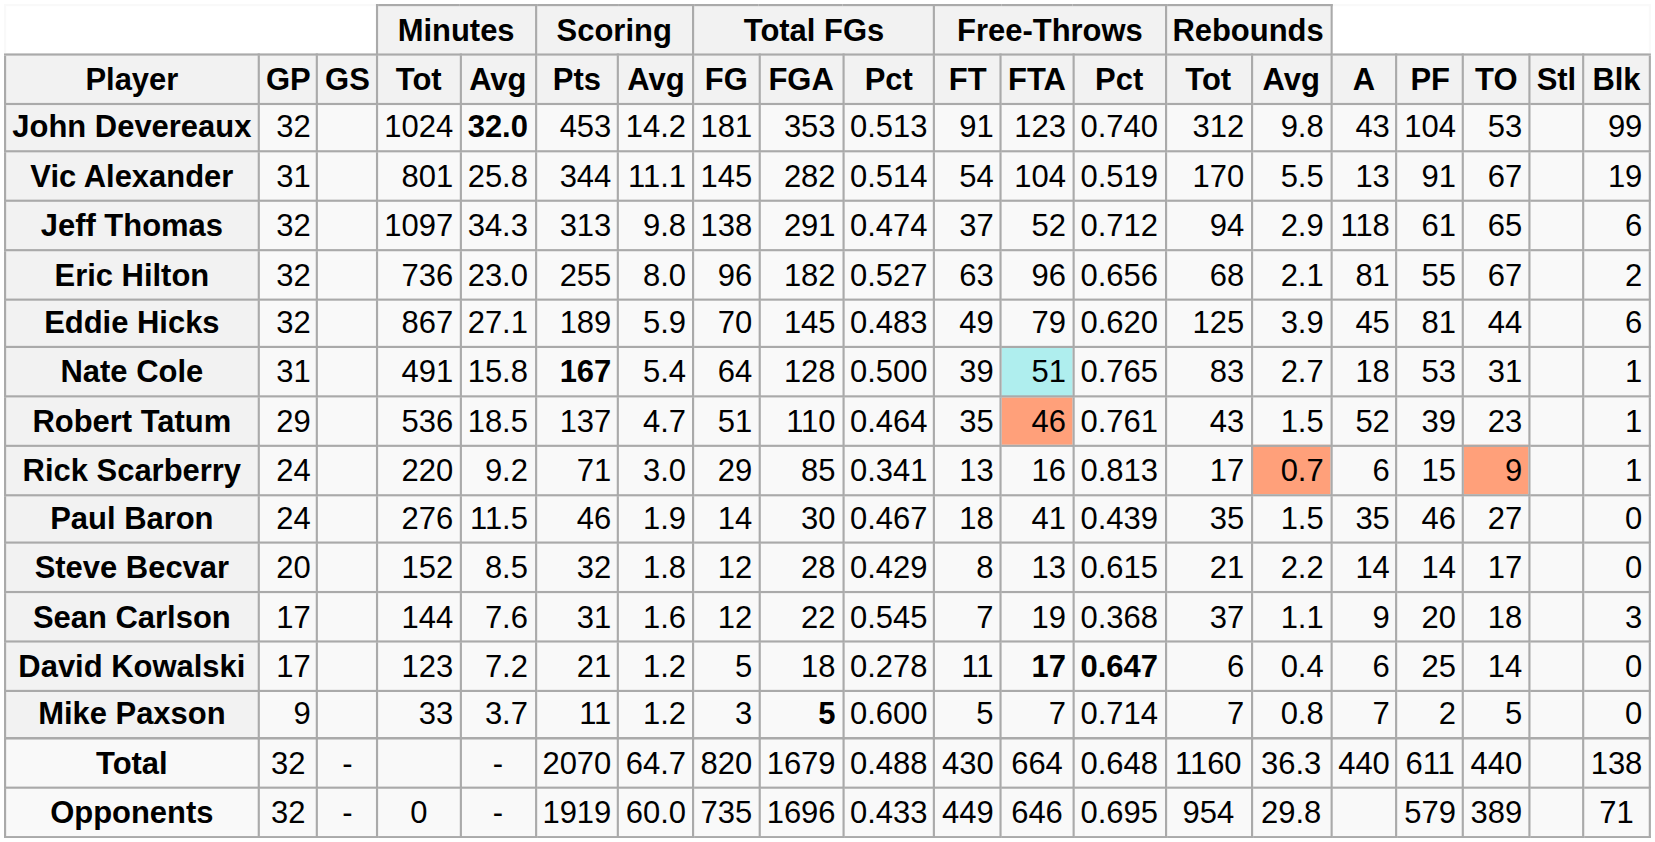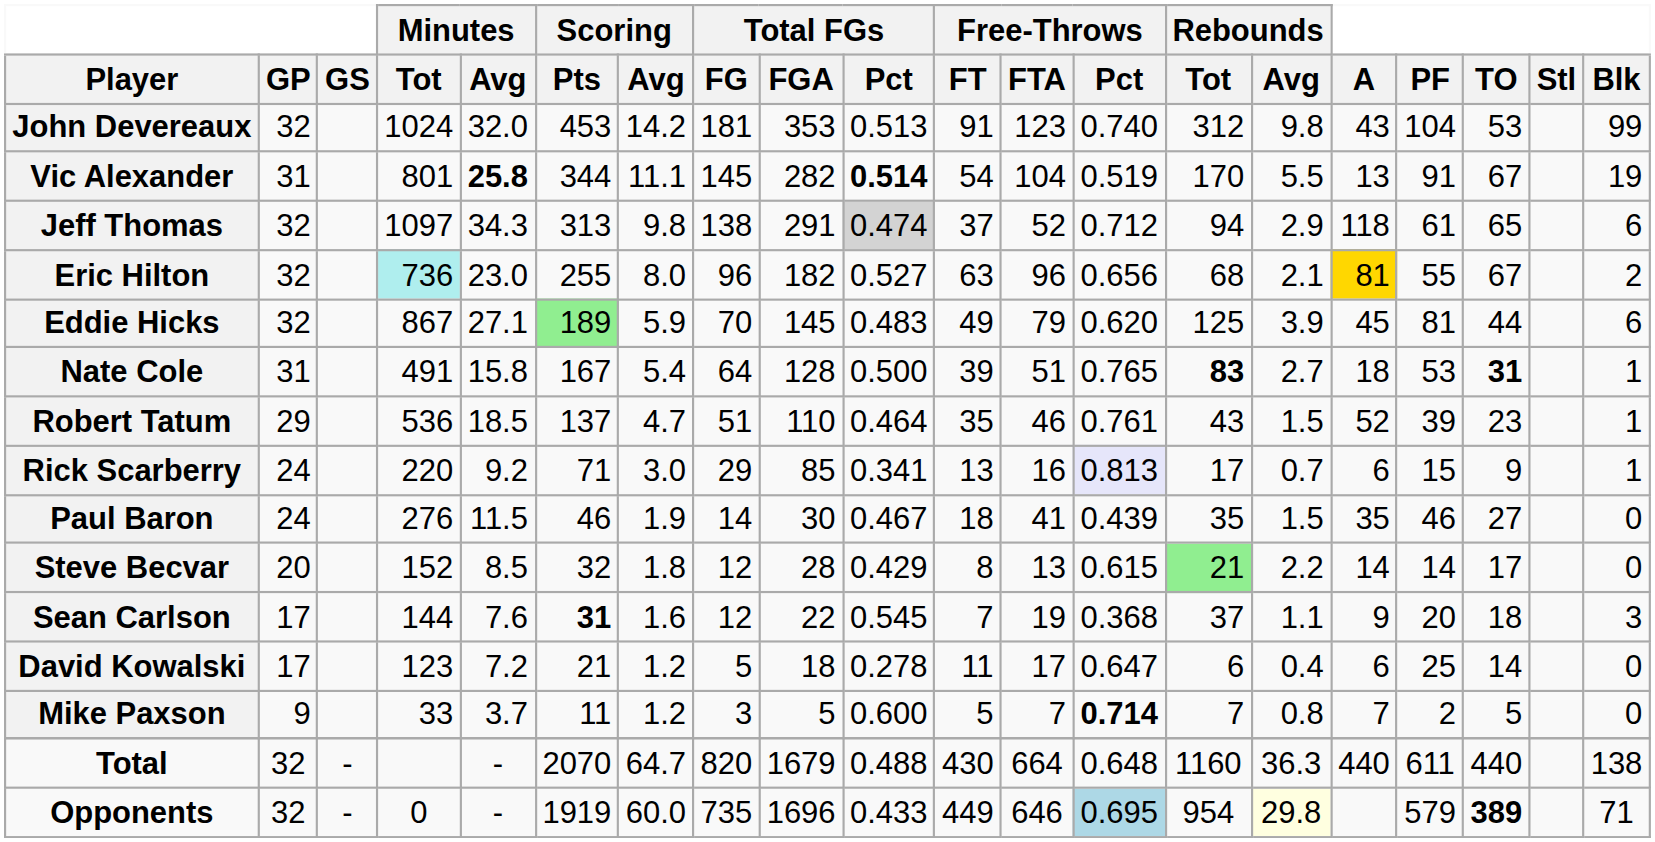 <table class="wikitable sortable" border="1" style="font-size:90%;">
 <tr>
 <th colspan="3" style="border-top-style:hidden; border-left-style:hidden; background: white;"></th>
 <th colspan="2" style=>Minutes</th>
 <th colspan="2" style=>Scoring</th>
 <th colspan="3" style=>Total FGs</th>
 <th colspan="3" style=>Free-Throws</th>
 <th colspan="2" style=>Rebounds</th>
 <th colspan="5" style="border-top-style:hidden; border-right-style:hidden; background: white;"></th>
 </tr>
 <tr>
 <th scope="col" style=>Player</th>
 <th scope="col" style=>GP</th>
 <th scope="col" style=>GS</th>
 <th scope="col" style=>Tot</th>
 <th scope="col" style=>Avg</th>
 <th scope="col" style=>Pts</th>
 <th scope="col" style=>Avg</th>
 <th scope="col" style=>FG</th>
 <th scope="col" style=>FGA</th>
 <th scope="col" style=>Pct</th>
 <th scope="col" style=>FT</th>
 <th scope="col" style=>FTA</th>
 <th scope="col" style=>Pct</th>
 <th scope="col" style=>Tot</th>
 <th scope="col" style=>Avg</th>
 <th scope="col" style=>A</th>
 <th scope="col" style=>PF</th>
 <th scope="col" style=>TO</th>
 <th scope="col" style=>Stl</th>
 <th scope="col" style=>Blk</th>
 </tr>
 <tr>
 <th>John Devereaux</th>
 <td align="right">32</td>
 <td align="right"></td>
 <td align="right">1024</td>
-<td align="right"><strong>32.0</strong></td>
+<td align="right">32.0</td>
 <td align="right">453</td>
 <td align="right">14.2</td>
 <td align="right">181</td>
 <td align="right">353</td>
 <td align="right">0.513</td>
 <td align="right">91</td>
 <td align="right">123</td>
 <td align="right">0.740</td>
 <td align="right">312</td>
 <td align="right">9.8</td>
 <td align="right">43</td>
 <td align="right">104</td>
 <td align="right">53</td>
 <td align="right"></td>
 <td align="right">99</td>
 </tr>
 <tr>
 <th>Vic Alexander</th>
 <td align="right">31</td>
 <td align="right"></td>
 <td align="right">801</td>
-<td align="right">25.8</td>
+<td align="right"><strong>25.8</strong></td>
 <td align="right">344</td>
 <td align="right">11.1</td>
 <td align="right">145</td>
 <td align="right">282</td>
-<td align="right">0.514</td>
+<td align="right"><strong>0.514</strong></td>
 <td align="right">54</td>
 <td align="right">104</td>
 <td align="right">0.519</td>
 <td align="right">170</td>
 <td align="right">5.5</td>
 <td align="right">13</td>
 <td align="right">91</td>
 <td align="right">67</td>
 <td align="right"></td>
 <td align="right">19</td>
 </tr>
 <tr>
 <th>Jeff Thomas</th>
 <td align="right">32</td>
 <td align="right"></td>
 <td align="right">1097</td>
 <td align="right">34.3</td>
 <td align="right">313</td>
 <td align="right">9.8</td>
 <td align="right">138</td>
 <td align="right">291</td>
-<td align="right">0.474</td>
+<td align="right" style="background: lightgrey;">0.474</td>
 <td align="right">37</td>
 <td align="right">52</td>
 <td align="right">0.712</td>
 <td align="right">94</td>
 <td align="right">2.9</td>
 <td align="right">118</td>
 <td align="right">61</td>
 <td align="right">65</td>
 <td align="right"></td>
 <td align="right">6</td>
 </tr>
 <tr>
 <th>Eric Hilton</th>
 <td align="right">32</td>
 <td align="right"></td>
-<td align="right">736</td>
+<td align="right" style="background: paleturquoise;">736</td>
 <td align="right">23.0</td>
 <td align="right">255</td>
 <td align="right">8.0</td>
 <td align="right">96</td>
 <td align="right">182</td>
 <td align="right">0.527</td>
 <td align="right">63</td>
 <td align="right">96</td>
 <td align="right">0.656</td>
 <td align="right">68</td>
 <td align="right">2.1</td>
-<td align="right">81</td>
+<td align="right" style="background: gold;">81</td>
 <td align="right">55</td>
 <td align="right">67</td>
 <td align="right"></td>
 <td align="right">2</td>
 </tr>
 <tr>
 <th>Eddie Hicks</th>
 <td align="right">32</td>
 <td align="right"></td>
 <td align="right">867</td>
 <td align="right">27.1</td>
-<td align="right">189</td>
+<td align="right" style="background: lightgreen;">189</td>
 <td align="right">5.9</td>
 <td align="right">70</td>
 <td align="right">145</td>
 <td align="right">0.483</td>
 <td align="right">49</td>
 <td align="right">79</td>
 <td align="right">0.620</td>
 <td align="right">125</td>
 <td align="right">3.9</td>
 <td align="right">45</td>
 <td align="right">81</td>
 <td align="right">44</td>
 <td align="right"></td>
 <td align="right">6</td>
 </tr>
 <tr>
 <th>Nate Cole</th>
 <td align="right">31</td>
 <td align="right"></td>
 <td align="right">491</td>
 <td align="right">15.8</td>
-<td align="right"><strong>167</strong></td>
+<td align="right">167</td>
 <td align="right">5.4</td>
 <td align="right">64</td>
 <td align="right">128</td>
 <td align="right">0.500</td>
 <td align="right">39</td>
-<td align="right" style="background: paleturquoise;">51</td>
+<td align="right">51</td>
 <td align="right">0.765</td>
-<td align="right">83</td>
+<td align="right"><strong>83</strong></td>
 <td align="right">2.7</td>
 <td align="right">18</td>
 <td align="right">53</td>
-<td align="right">31</td>
+<td align="right"><strong>31</strong></td>
 <td align="right"></td>
 <td align="right">1</td>
 </tr>
 <tr>
 <th>Robert Tatum</th>
 <td align="right">29</td>
 <td align="right"></td>
 <td align="right">536</td>
 <td align="right">18.5</td>
 <td align="right">137</td>
 <td align="right">4.7</td>
 <td align="right">51</td>
 <td align="right">110</td>
 <td align="right">0.464</td>
 <td align="right">35</td>
-<td align="right" style="background: lightsalmon;">46</td>
+<td align="right">46</td>
 <td align="right">0.761</td>
 <td align="right">43</td>
 <td align="right">1.5</td>
 <td align="right">52</td>
 <td align="right">39</td>
 <td align="right">23</td>
 <td align="right"></td>
 <td align="right">1</td>
 </tr>
 <tr>
 <th>Rick Scarberry</th>
 <td align="right">24</td>
 <td align="right"></td>
 <td align="right">220</td>
 <td align="right">9.2</td>
 <td align="right">71</td>
 <td align="right">3.0</td>
 <td align="right">29</td>
 <td align="right">85</td>
 <td align="right">0.341</td>
 <td align="right">13</td>
 <td align="right">16</td>
-<td align="right">0.813</td>
+<td align="right" style="background: lavender;">0.813</td>
 <td align="right">17</td>
-<td align="right" style="background: lightsalmon;">0.7</td>
+<td align="right">0.7</td>
 <td align="right">6</td>
 <td align="right">15</td>
-<td align="right" style="background: lightsalmon;">9</td>
+<td align="right">9</td>
 <td align="right"></td>
 <td align="right">1</td>
 </tr>
 <tr>
 <th>Paul Baron</th>
 <td align="right">24</td>
 <td align="right"></td>
 <td align="right">276</td>
 <td align="right">11.5</td>
 <td align="right">46</td>
 <td align="right">1.9</td>
 <td align="right">14</td>
 <td align="right">30</td>
 <td align="right">0.467</td>
 <td align="right">18</td>
 <td align="right">41</td>
 <td align="right">0.439</td>
 <td align="right">35</td>
 <td align="right">1.5</td>
 <td align="right">35</td>
 <td align="right">46</td>
 <td align="right">27</td>
 <td align="right"></td>
 <td align="right">0</td>
 </tr>
 <tr>
 <th>Steve Becvar</th>
 <td align="right">20</td>
 <td align="right"></td>
 <td align="right">152</td>
 <td align="right">8.5</td>
 <td align="right">32</td>
 <td align="right">1.8</td>
 <td align="right">12</td>
 <td align="right">28</td>
 <td align="right">0.429</td>
 <td align="right">8</td>
 <td align="right">13</td>
 <td align="right">0.615</td>
-<td align="right">21</td>
+<td align="right" style="background: lightgreen;">21</td>
 <td align="right">2.2</td>
 <td align="right">14</td>
 <td align="right">14</td>
 <td align="right">17</td>
 <td align="right"></td>
 <td align="right">0</td>
 </tr>
 <tr>
 <th>Sean Carlson</th>
 <td align="right">17</td>
 <td align="right"></td>
 <td align="right">144</td>
 <td align="right">7.6</td>
-<td align="right">31</td>
+<td align="right"><strong>31</strong></td>
 <td align="right">1.6</td>
 <td align="right">12</td>
 <td align="right">22</td>
 <td align="right">0.545</td>
 <td align="right">7</td>
 <td align="right">19</td>
 <td align="right">0.368</td>
 <td align="right">37</td>
 <td align="right">1.1</td>
 <td align="right">9</td>
 <td align="right">20</td>
 <td align="right">18</td>
 <td align="right"></td>
 <td align="right">3</td>
 </tr>
 <tr>
 <th>David Kowalski</th>
 <td align="right">17</td>
 <td align="right"></td>
 <td align="right">123</td>
 <td align="right">7.2</td>
 <td align="right">21</td>
 <td align="right">1.2</td>
 <td align="right">5</td>
 <td align="right">18</td>
 <td align="right">0.278</td>
 <td align="right">11</td>
-<td align="right"><strong>17</strong></td>
-<td align="right"><strong>0.647</strong></td>
+<td align="right">17</td>
+<td align="right">0.647</td>
 <td align="right">6</td>
 <td align="right">0.4</td>
 <td align="right">6</td>
 <td align="right">25</td>
 <td align="right">14</td>
 <td align="right"></td>
 <td align="right">0</td>
 </tr>
 <tr>
 <th>Mike Paxson</th>
 <td align="right">9</td>
 <td align="right"></td>
 <td align="right">33</td>
 <td align="right">3.7</td>
 <td align="right">11</td>
 <td align="right">1.2</td>
 <td align="right">3</td>
-<td align="right"><strong>5</strong></td>
+<td align="right">5</td>
 <td align="right">0.600</td>
 <td align="right">5</td>
 <td align="right">7</td>
-<td align="right">0.714</td>
+<td align="right"><strong>0.714</strong></td>
 <td align="right">7</td>
 <td align="right">0.8</td>
 <td align="right">7</td>
 <td align="right">2</td>
 <td align="right">5</td>
 <td align="right"></td>
 <td align="right">0</td>
 </tr>
 <tr>
 </tr>
 <tr class="sortbottom">
 <td align="center" style=><strong>Total</strong></td>
 <td align="center" style=>32</td>
 <td align="center" style=>-</td>
 <td align="center" style=></td>
 <td align="center" style=>-</td>
 <td align="center" style=>2070</td>
 <td align="center" style=>64.7</td>
 <td align="center" style=>820</td>
 <td align="center" style=>1679</td>
 <td align="center" style=>0.488</td>
 <td align="center" style=>430</td>
 <td align="center" style=>664</td>
 <td align="center" style=>0.648</td>
 <td align="center" style=>1160</td>
 <td align="center" style=>36.3</td>
 <td align="center" style=>440</td>
 <td align="center" style=>611</td>
 <td align="center" style=>440</td>
 <td align="center" style=></td>
 <td align="center" style=>138</td>
 </tr>
 <tr class="sortbottom">
 <td align="center"><strong>Opponents</strong></td>
 <td align="center">32</td>
 <td align="center">-</td>
 <td align="center">0</td>
 <td align="center">-</td>
 <td align="center">1919</td>
 <td align="center">60.0</td>
 <td align="center">735</td>
 <td align="center">1696</td>
 <td align="center">0.433</td>
 <td align="center">449</td>
 <td align="center">646</td>
-<td align="center">0.695</td>
+<td align="center" style="background: lightblue;">0.695</td>
 <td align="center">954</td>
-<td align="center">29.8</td>
+<td align="center" style="background: lightyellow;">29.8</td>
 <td align="center"></td>
 <td align="center">579</td>
-<td align="center">389</td>
+<td align="center"><strong>389</strong></td>
 <td align="center"></td>
 <td align="center">71</td>
 </tr>
 </table>
